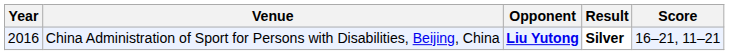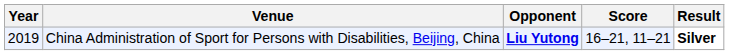 <table class="sortable wikitable" style="font-size: 90%;">
 <tr>
 <th>Year</th>
 <th>Venue</th>
 <th>Opponent</th>
+<th>Score</th>
 <th>Result</th>
-<th>Score</th>
 </tr>
 <tr style="background:#ECF2FF">
-<td align="center">2016</td>
+<td align="center">2019</td>
 <td align="left">China Administration of Sport for Persons with Disabilities, <a href='#'>Beijing</a>, China</td>
 <td align="left"><strong> <a href='#'>Liu Yutong</a></strong></td>
+<td align="left">16–21, 11–21</td>
 <td style="text-align:left; background:white"> <strong>Silver</strong></td>
-<td align="left">16–21, 11–21</td>
 </tr>
 </table>
